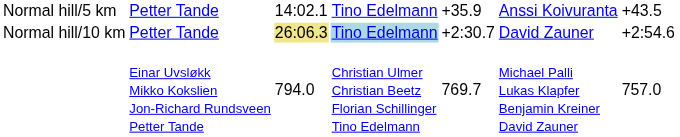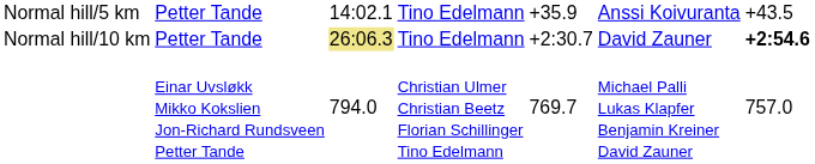 <table>
 <tr>
 <td>Normal hill/5 km</td>
 <td><a href='#'>Petter Tande</a><br></td>
 <td>14:02.1</td>
 <td><a href='#'>Tino Edelmann</a><br></td>
 <td>+35.9</td>
 <td><a href='#'>Anssi Koivuranta</a><br></td>
 <td>+43.5</td>
 </tr>
 <tr>
 <td>Normal hill/10 km</td>
 <td><a href='#'>Petter Tande</a><br></td>
 <td style="background: khaki;">26:06.3</td>
-<td style="background: lightblue;"><a href='#'>Tino Edelmann</a><br></td>
+<td><a href='#'>Tino Edelmann</a><br></td>
 <td>+2:30.7</td>
 <td><a href='#'>David Zauner</a><br></td>
-<td>+2:54.6</td>
+<td><strong>+2:54.6</strong></td>
 </tr>
 <tr>
 <td></td>
 <td><br><small><a href='#'>Einar Uvsløkk</a><br><a href='#'>Mikko Kokslien</a><br><a href='#'>Jon-Richard Rundsveen</a><br><a href='#'>Petter Tande</a></small></td>
 <td>794.0</td>
 <td><br><small><a href='#'>Christian Ulmer</a><br><a href='#'>Christian Beetz</a><br><a href='#'>Florian Schillinger</a><br><a href='#'>Tino Edelmann</a></small></td>
 <td>769.7</td>
 <td><br><small><a href='#'>Michael Palli</a><br><a href='#'>Lukas Klapfer</a><br><a href='#'>Benjamin Kreiner</a><br><a href='#'>David Zauner</a></small></td>
 <td>757.0</td>
 </tr>
 <tr>
 </tr>
 </table>
